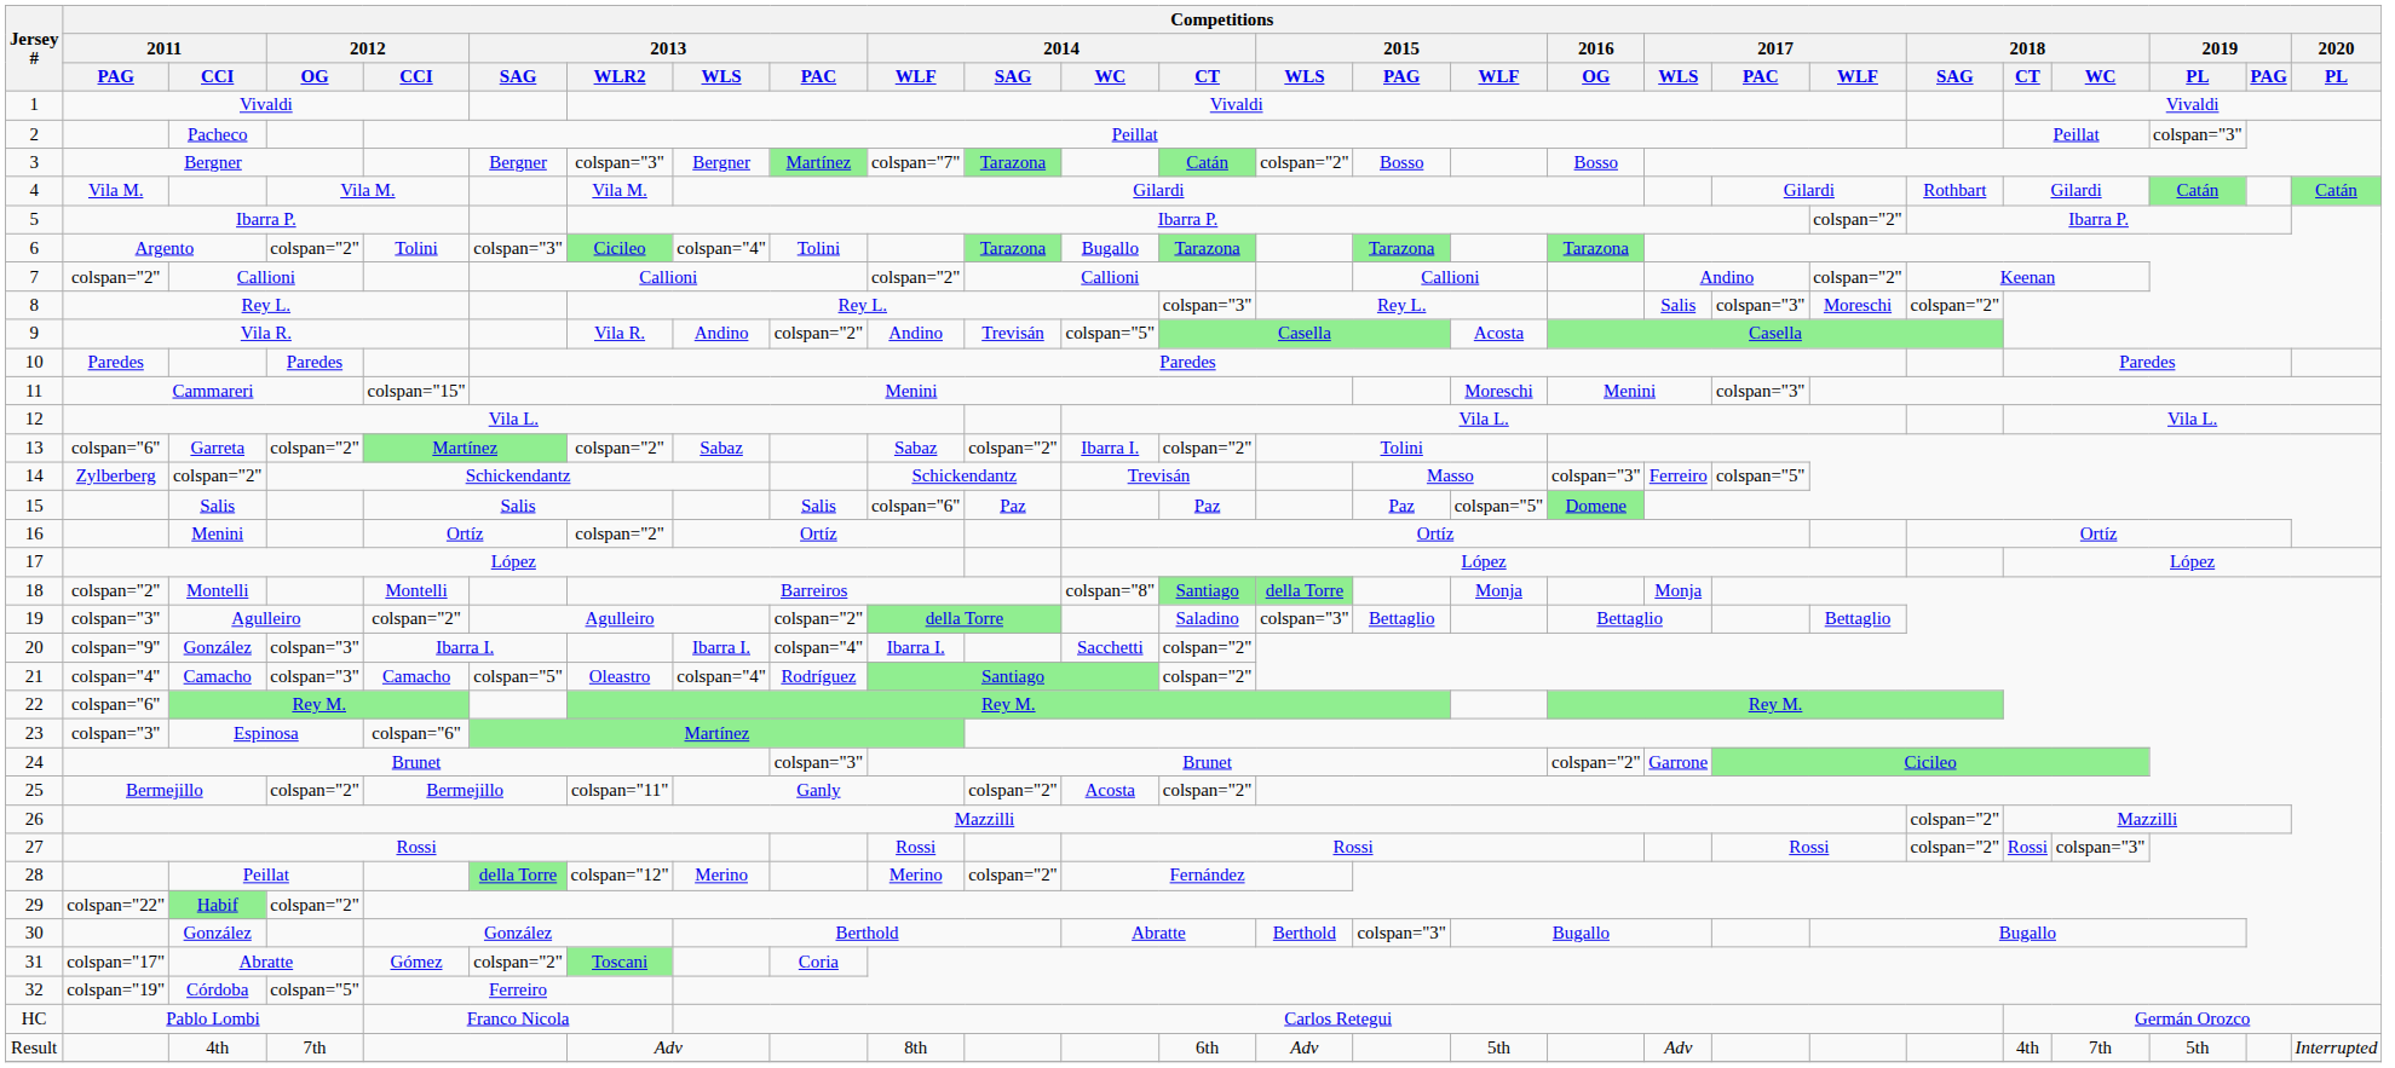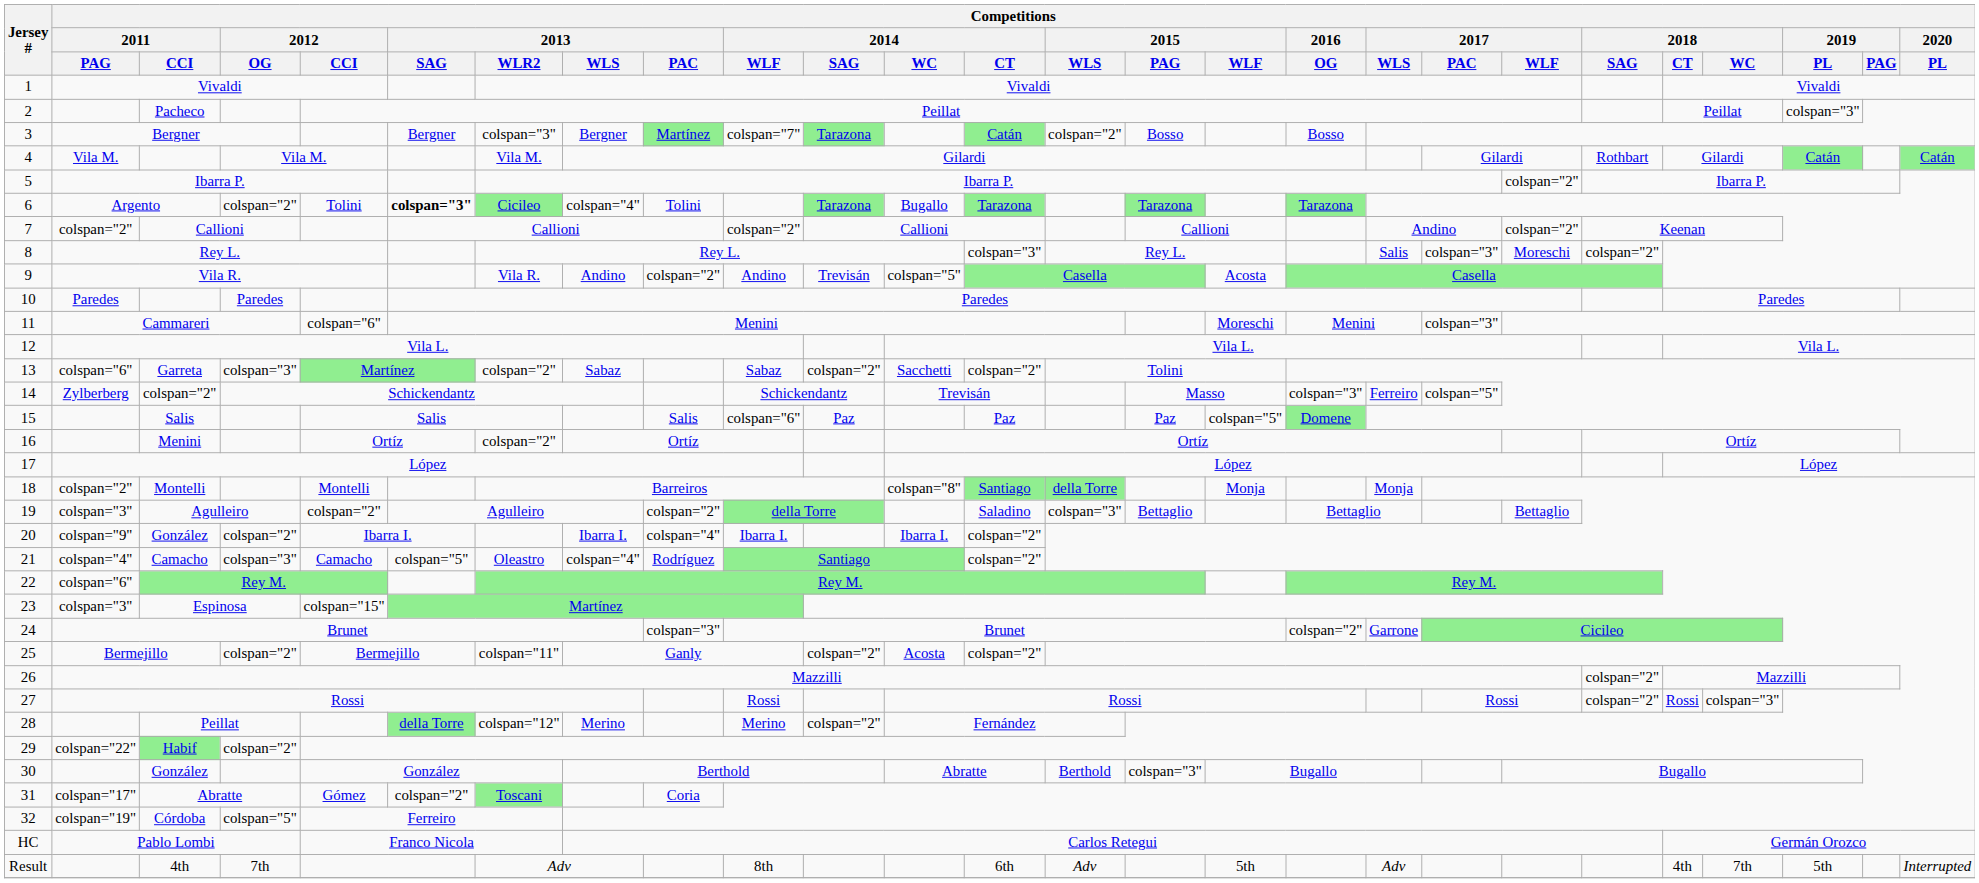 <table class="wikitable" style="text-align:center">
 <tr>
 <th rowspan="3">Jersey #</th>
 <th colspan="25">Competitions</th>
 </tr>
 <tr>
 <th colspan="2">2011</th>
 <th colspan="2">2012</th>
 <th colspan="4">2013</th>
 <th colspan="4">2014</th>
 <th colspan="3">2015</th>
 <th>2016</th>
 <th colspan="3">2017</th>
 <th colspan="3">2018</th>
 <th colspan="2">2019</th>
 <th>2020</th>
 </tr>
 <tr>
 <th><a href='#'>PAG</a></th>
 <th><a href='#'>CCI</a></th>
 <th><a href='#'>OG</a></th>
 <th><a href='#'>CCI</a></th>
 <th><a href='#'>SAG</a></th>
 <th><a href='#'>WLR2</a></th>
 <th><a href='#'>WLS</a></th>
 <th><a href='#'>PAC</a></th>
 <th><a href='#'>WLF</a></th>
 <th><a href='#'>SAG</a></th>
 <th><a href='#'>WC</a></th>
 <th><a href='#'>CT</a></th>
 <th><a href='#'>WLS</a></th>
 <th><a href='#'>PAG</a></th>
 <th><a href='#'>WLF</a></th>
 <th><a href='#'>OG</a></th>
 <th><a href='#'>WLS</a></th>
 <th><a href='#'>PAC</a></th>
 <th><a href='#'>WLF</a></th>
 <th><a href='#'>SAG</a></th>
 <th><a href='#'>CT</a></th>
 <th><a href='#'>WC</a></th>
 <th><a href='#'>PL</a></th>
 <th><a href='#'>PAG</a></th>
 <th><a href='#'>PL</a></th>
 </tr>
 <tr>
 <td>1</td>
 <td colspan="4"><a href='#'>Vivaldi</a></td>
 <td></td>
 <td colspan="14"><a href='#'>Vivaldi</a></td>
 <td></td>
 <td colspan="5"><a href='#'>Vivaldi</a></td>
 </tr>
 <tr>
 <td>2</td>
 <td></td>
 <td><a href='#'>Pacheco</a></td>
 <td></td>
 <td colspan="16"><a href='#'>Peillat</a></td>
 <td></td>
 <td colspan="2"><a href='#'>Peillat</a></td>
 <td>colspan="3"</td>
 </tr>
 <tr>
 <td>3</td>
 <td colspan="3"><a href='#'>Bergner</a></td>
 <td></td>
 <td><a href='#'>Bergner</a></td>
 <td>colspan="3"</td>
 <td><a href='#'>Bergner</a></td>
 <td bgcolor="lightgreen"><a href='#'>Martínez</a></td>
 <td>colspan="7"</td>
 <td bgcolor="lightgreen"><a href='#'>Tarazona</a></td>
 <td></td>
 <td bgcolor="lightgreen"><a href='#'>Catán</a></td>
 <td>colspan="2"</td>
 <td><a href='#'>Bosso</a></td>
 <td></td>
 <td><a href='#'>Bosso</a></td>
 </tr>
 <tr>
 <td>4</td>
 <td><a href='#'>Vila M.</a></td>
 <td></td>
 <td colspan="2"><a href='#'>Vila M.</a></td>
 <td></td>
 <td><a href='#'>Vila M.</a></td>
 <td colspan="10"><a href='#'>Gilardi</a></td>
 <td></td>
 <td colspan="2"><a href='#'>Gilardi</a></td>
 <td><a href='#'>Rothbart</a></td>
 <td colspan="2"><a href='#'>Gilardi</a></td>
 <td bgcolor="lightgreen"><a href='#'>Catán</a></td>
 <td></td>
 <td bgcolor="lightgreen"><a href='#'>Catán</a></td>
 </tr>
 <tr>
 <td>5</td>
 <td colspan="4"><a href='#'>Ibarra P.</a></td>
 <td></td>
 <td colspan="13"><a href='#'>Ibarra P.</a></td>
 <td>colspan="2"</td>
 <td colspan="5"><a href='#'>Ibarra P.</a></td>
 </tr>
 <tr>
 <td>6</td>
 <td colspan="2"><a href='#'>Argento</a></td>
 <td>colspan="2"</td>
 <td><a href='#'>Tolini</a></td>
-<td>colspan="3"</td>
+<td><strong>colspan="3"</strong></td>
 <td bgcolor="lightgreen"><a href='#'>Cicileo</a></td>
 <td>colspan="4"</td>
 <td><a href='#'>Tolini</a></td>
 <td></td>
 <td bgcolor="lightgreen"><a href='#'>Tarazona</a></td>
 <td><a href='#'>Bugallo</a></td>
 <td bgcolor="lightgreen"><a href='#'>Tarazona</a></td>
 <td></td>
 <td bgcolor="lightgreen"><a href='#'>Tarazona</a></td>
 <td></td>
 <td bgcolor="lightgreen"><a href='#'>Tarazona</a></td>
 </tr>
 <tr>
 <td>7</td>
 <td>colspan="2"</td>
 <td colspan="2"><a href='#'>Callioni</a></td>
 <td></td>
 <td colspan="4"><a href='#'>Callioni</a></td>
 <td>colspan="2"</td>
 <td colspan="3"><a href='#'>Callioni</a></td>
 <td></td>
 <td colspan="2"><a href='#'>Callioni</a></td>
 <td></td>
 <td colspan="2"><a href='#'>Andino</a></td>
 <td>colspan="2"</td>
 <td colspan="3"><a href='#'>Keenan</a></td>
 </tr>
 <tr>
 <td>8</td>
 <td colspan="4"><a href='#'>Rey L.</a></td>
 <td></td>
 <td colspan="6"><a href='#'>Rey L.</a></td>
 <td>colspan="3"</td>
 <td colspan="3"><a href='#'>Rey L.</a></td>
 <td></td>
 <td><a href='#'>Salis</a></td>
 <td>colspan="3"</td>
 <td><a href='#'>Moreschi</a></td>
 <td>colspan="2"</td>
 </tr>
 <tr>
 <td>9</td>
 <td colspan="4"><a href='#'>Vila R.</a></td>
 <td></td>
 <td><a href='#'>Vila R.</a></td>
 <td><a href='#'>Andino</a></td>
 <td>colspan="2"</td>
 <td><a href='#'>Andino</a></td>
 <td><a href='#'>Trevisán</a></td>
 <td>colspan="5"</td>
 <td colspan="3"bgcolor="lightgreen"><a href='#'>Casella</a></td>
 <td><a href='#'>Acosta</a></td>
 <td colspan="5"bgcolor="lightgreen"><a href='#'>Casella</a></td>
 </tr>
 <tr>
 <td>10</td>
 <td><a href='#'>Paredes</a></td>
 <td></td>
 <td><a href='#'>Paredes</a></td>
 <td></td>
 <td colspan="15"><a href='#'>Paredes</a></td>
 <td></td>
 <td colspan="4"><a href='#'>Paredes</a></td>
 <td></td>
 </tr>
 <tr>
 <td>11</td>
 <td colspan="3"><a href='#'>Cammareri</a></td>
-<td>colspan="15"</td>
+<td>colspan="6"</td>
 <td colspan="9"><a href='#'>Menini</a></td>
 <td></td>
 <td><a href='#'>Moreschi</a></td>
 <td colspan="2"><a href='#'>Menini</a></td>
 <td>colspan="3"</td>
 </tr>
 <tr>
 <td>12</td>
 <td colspan="9"><a href='#'>Vila L.</a></td>
 <td></td>
 <td colspan="9"><a href='#'>Vila L.</a></td>
 <td></td>
 <td colspan="5"><a href='#'>Vila L.</a></td>
 </tr>
 <tr>
 <td>13</td>
 <td>colspan="6"</td>
 <td><a href='#'>Garreta</a></td>
-<td>colspan="2"</td>
+<td>colspan="3"</td>
 <td colspan="2"bgcolor="lightgreen"><a href='#'>Martínez</a></td>
 <td>colspan="2"</td>
 <td><a href='#'>Sabaz</a></td>
 <td></td>
 <td><a href='#'>Sabaz</a></td>
 <td>colspan="2"</td>
-<td><a href='#'>Ibarra I.</a></td>
+<td><a href='#'>Sacchetti</a></td>
 <td>colspan="2"</td>
 <td colspan="3"><a href='#'>Tolini</a></td>
 </tr>
 <tr>
 <td>14</td>
 <td><a href='#'>Zylberberg</a></td>
 <td>colspan="2"</td>
 <td colspan="5"><a href='#'>Schickendantz</a></td>
 <td></td>
 <td colspan="2"><a href='#'>Schickendantz</a></td>
 <td colspan="2"><a href='#'>Trevisán</a></td>
 <td></td>
 <td colspan="2"><a href='#'>Masso</a></td>
 <td>colspan="3"</td>
 <td><a href='#'>Ferreiro</a></td>
 <td>colspan="5"</td>
 </tr>
 <tr>
 <td>15</td>
 <td></td>
 <td><a href='#'>Salis</a></td>
 <td></td>
 <td colspan="3"><a href='#'>Salis</a></td>
 <td></td>
 <td><a href='#'>Salis</a></td>
 <td>colspan="6"</td>
 <td><a href='#'>Paz</a></td>
 <td></td>
 <td><a href='#'>Paz</a></td>
 <td></td>
 <td><a href='#'>Paz</a></td>
 <td>colspan="5"</td>
 <td bgcolor="lightgreen"><a href='#'>Domene</a></td>
 </tr>
 <tr>
 <td>16</td>
 <td></td>
 <td><a href='#'>Menini</a></td>
 <td></td>
 <td colspan="2"><a href='#'>Ortíz</a></td>
 <td>colspan="2"</td>
 <td colspan="3"><a href='#'>Ortíz</a></td>
 <td></td>
 <td colspan="8"><a href='#'>Ortíz</a></td>
 <td></td>
 <td colspan="5"><a href='#'>Ortíz</a></td>
 </tr>
 <tr>
 <td>17</td>
 <td colspan="9"><a href='#'>López</a></td>
 <td></td>
 <td colspan="9"><a href='#'>López</a></td>
 <td></td>
 <td colspan="5"><a href='#'>López</a></td>
 </tr>
 <tr>
 <td>18</td>
 <td>colspan="2"</td>
 <td><a href='#'>Montelli</a></td>
 <td></td>
 <td><a href='#'>Montelli</a></td>
 <td></td>
 <td colspan="5"><a href='#'>Barreiros</a></td>
 <td>colspan="8"</td>
 <td bgcolor="lightgreen"><a href='#'>Santiago</a></td>
 <td bgcolor="lightgreen"><a href='#'>della Torre</a></td>
 <td></td>
 <td><a href='#'>Monja</a></td>
 <td></td>
 <td><a href='#'>Monja</a></td>
 </tr>
 <tr>
 <td>19</td>
 <td>colspan="3"</td>
 <td colspan="2"><a href='#'>Agulleiro</a></td>
 <td>colspan="2"</td>
 <td colspan="3"><a href='#'>Agulleiro</a></td>
 <td>colspan="2"</td>
 <td colspan="2"bgcolor="lightgreen"><a href='#'>della Torre</a></td>
 <td></td>
 <td><a href='#'>Saladino</a></td>
 <td>colspan="3"</td>
 <td><a href='#'>Bettaglio</a></td>
 <td></td>
 <td colspan="2"><a href='#'>Bettaglio</a></td>
 <td></td>
 <td><a href='#'>Bettaglio</a></td>
 </tr>
 <tr>
 <td>20</td>
 <td>colspan="9"</td>
 <td><a href='#'>González</a></td>
-<td>colspan="3"</td>
+<td>colspan="2"</td>
 <td colspan="2"><a href='#'>Ibarra I.</a></td>
 <td></td>
 <td><a href='#'>Ibarra I.</a></td>
 <td>colspan="4"</td>
 <td><a href='#'>Ibarra I.</a></td>
 <td></td>
-<td><a href='#'>Sacchetti</a></td>
+<td><a href='#'>Ibarra I.</a></td>
 <td>colspan="2"</td>
 </tr>
 <tr>
 <td>21</td>
 <td>colspan="4"</td>
 <td><a href='#'>Camacho</a></td>
 <td>colspan="3"</td>
 <td><a href='#'>Camacho</a></td>
 <td>colspan="5"</td>
 <td><a href='#'>Oleastro</a></td>
 <td>colspan="4"</td>
 <td><a href='#'>Rodríguez</a></td>
 <td colspan="3"bgcolor="lightgreen"><a href='#'>Santiago</a></td>
 <td>colspan="2"</td>
 </tr>
 <tr>
 <td>22</td>
 <td>colspan="6"</td>
 <td colspan="3"bgcolor="lightgreen"><a href='#'>Rey M.</a></td>
 <td></td>
 <td colspan="9"bgcolor="lightgreen"><a href='#'>Rey M.</a></td>
 <td></td>
 <td colspan="5"bgcolor="lightgreen"><a href='#'>Rey M.</a></td>
 </tr>
 <tr>
 <td>23</td>
 <td>colspan="3"</td>
 <td colspan="2"><a href='#'>Espinosa</a></td>
-<td>colspan="6"</td>
+<td>colspan="15"</td>
 <td colspan="5"bgcolor="lightgreen"><a href='#'>Martínez</a></td>
 </tr>
 <tr>
 <td>24</td>
 <td colspan="7"><a href='#'>Brunet</a></td>
 <td>colspan="3"</td>
 <td colspan="7"><a href='#'>Brunet</a></td>
 <td>colspan="2"</td>
 <td><a href='#'>Garrone</a></td>
 <td colspan="5"bgcolor="lightgreen"><a href='#'>Cicileo</a></td>
 </tr>
 <tr>
 <td>25</td>
 <td colspan="2"><a href='#'>Bermejillo</a></td>
 <td>colspan="2"</td>
 <td colspan="2"><a href='#'>Bermejillo</a></td>
 <td>colspan="11"</td>
 <td colspan="3"><a href='#'>Ganly</a></td>
 <td>colspan="2"</td>
 <td><a href='#'>Acosta</a></td>
 <td>colspan="2"</td>
 </tr>
 <tr>
 <td>26</td>
 <td colspan="19"><a href='#'>Mazzilli</a></td>
 <td>colspan="2"</td>
 <td colspan="4"><a href='#'>Mazzilli</a></td>
 </tr>
 <tr>
 <td>27</td>
 <td colspan="7"><a href='#'>Rossi</a></td>
 <td></td>
 <td><a href='#'>Rossi</a></td>
 <td></td>
 <td colspan="6"><a href='#'>Rossi</a></td>
 <td></td>
 <td colspan="2"><a href='#'>Rossi</a></td>
 <td>colspan="2"</td>
 <td><a href='#'>Rossi</a></td>
 <td>colspan="3"</td>
 </tr>
 <tr>
 <td>28</td>
 <td></td>
 <td colspan="2"><a href='#'>Peillat</a></td>
 <td></td>
 <td bgcolor="lightgreen"><a href='#'>della Torre</a></td>
 <td>colspan="12"</td>
 <td><a href='#'>Merino</a></td>
 <td></td>
 <td><a href='#'>Merino</a></td>
 <td>colspan="2"</td>
 <td colspan="3"><a href='#'>Fernández</a></td>
 </tr>
 <tr>
 <td>29</td>
 <td>colspan="22"</td>
 <td bgcolor="lightgreen"><a href='#'>Habif</a></td>
 <td>colspan="2"</td>
 </tr>
 <tr>
 <td>30</td>
 <td></td>
 <td><a href='#'>González</a></td>
 <td></td>
 <td colspan="3"><a href='#'>González</a></td>
 <td colspan="4"><a href='#'>Berthold</a></td>
 <td colspan="2"><a href='#'>Abratte</a></td>
 <td><a href='#'>Berthold</a></td>
 <td>colspan="3"</td>
 <td colspan="3"><a href='#'>Bugallo</a></td>
 <td></td>
 <td colspan="5"><a href='#'>Bugallo</a></td>
 </tr>
 <tr>
 <td>31</td>
 <td>colspan="17"</td>
 <td colspan="2"><a href='#'>Abratte</a></td>
 <td><a href='#'>Gómez</a></td>
 <td>colspan="2"</td>
 <td bgcolor="lightgreen"><a href='#'>Toscani</a></td>
 <td></td>
 <td><a href='#'>Coria</a></td>
 </tr>
 <tr>
 <td>32</td>
 <td>colspan="19"</td>
 <td><a href='#'>Córdoba</a></td>
 <td>colspan="5"</td>
 <td colspan="3"><a href='#'>Ferreiro</a></td>
 </tr>
 <tr>
 <td>HC</td>
 <td colspan="3"><a href='#'>Pablo Lombi</a></td>
 <td colspan="3"><a href='#'>Franco Nicola</a></td>
 <td colspan="14"><a href='#'>Carlos Retegui</a></td>
 <td colspan="5"><a href='#'>Germán Orozco</a></td>
 </tr>
 <tr>
 <td>Result</td>
 <td></td>
 <td>4th</td>
 <td>7th</td>
 <td colspan="2"></td>
 <td colspan="2"><em>Adv</em></td>
 <td></td>
 <td>8th</td>
 <td></td>
 <td></td>
 <td>6th</td>
 <td><em>Adv</em></td>
 <td></td>
 <td>5th</td>
 <td></td>
 <td><em>Adv</em></td>
 <td></td>
 <td></td>
 <td></td>
 <td>4th</td>
 <td>7th</td>
 <td>5th</td>
 <td></td>
 <td><em>Interrupted</em></td>
 </tr>
 <tr>
 </tr>
 </table>
